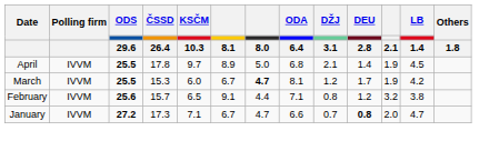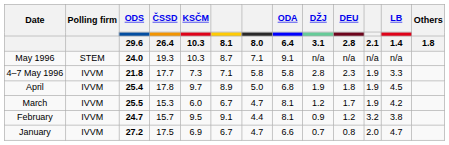 <table class="wikitable" style="text-align:center; font-size:85%; line-height:16px;">
 <tr style="height:42px;">
 <th rowspan=2>Date</th>
 <th rowspan=2>Polling firm</th>
 <th><a href='#'><span>ODS</span></a></th>
 <th><a href='#'><span>ČSSD</span></a></th>
 <th><a href='#'><span>KSČM</span></a></th>
 <th></th>
 <th></th>
 <th><a href='#'><span>ODA</span></a></th>
 <th><a href='#'><span>DŽJ</span></a></th>
 <th><a href='#'><span>DEU</span></a></th>
 <th></th>
 <th><a href='#'><span>LB</span></a></th>
 <th style="width:40px;" rowspan="2">Others</th>
 </tr>
 <tr>
 <th style="color:inherit;background:#034EA2; width:40px;"></th>
 <th style="color:inherit;background:#F29400; width:40px;"></th>
 <th style="color:inherit;background:#E00219; width:40px;"></th>
 <th style="color:inherit;background:#FFCB03; width:40px;"></th>
 <th style="color:inherit;background:#292829; width:40px;"></th>
 <th style="color:inherit;background:#0000FF; width:40px;"></th>
 <th style="color:inherit;background:#66CC99; width:40px;"></th>
 <th style="color:inherit;background:#6D051C; width:40px;"></th>
 <th style="color:inherit;background:"></th>
 <th style="color:inherit;background:#E00219; width:40px;"></th>
 </tr>
 <tr>
 <th></th>
 <th></th>
 <th><strong>29.6</strong></th>
 <th>26.4</th>
 <th>10.3</th>
 <th>8.1</th>
 <th>8.0</th>
 <th>6.4</th>
 <th>3.1</th>
 <th>2.8</th>
 <th>2.1</th>
 <th>1.4</th>
 <th>1.8</th>
 </tr>
 <tr>
+<td>May 1996</td>
+<td>STEM</td>
+<td><strong>24.0</strong></td>
+<td>19.3</td>
+<td>10.3</td>
+<td>8.7</td>
+<td>7.1</td>
+<td>9.1</td>
+<td>n/a</td>
+<td>n/a</td>
+<td>n/a</td>
+<td>n/a</td>
+<td></td>
+</tr>
+<tr>
+<td>4–7 May 1996</td>
+<td>IVVM</td>
+<td><strong>21.8</strong></td>
+<td>17.7</td>
+<td>7.3</td>
+<td>7.1</td>
+<td>5.8</td>
+<td>5.8</td>
+<td>2.8</td>
+<td>2.3</td>
+<td>1.9</td>
+<td>3.3</td>
+<td></td>
+</tr>
+<tr>
 <td>April</td>
 <td>IVVM</td>
-<td><strong>25.5</strong></td>
+<td><strong>25.4</strong></td>
 <td>17.8</td>
 <td>9.7</td>
 <td>8.9</td>
 <td>5.0</td>
 <td>6.8</td>
-<td>2.1</td>
-<td>1.4</td>
+<td>1.9</td>
+<td>1.8</td>
 <td>1.9</td>
 <td>4.5</td>
 <td></td>
 </tr>
 <tr>
 <td>March</td>
 <td>IVVM</td>
 <td><strong>25.5</strong></td>
 <td>15.3</td>
 <td>6.0</td>
 <td>6.7</td>
-<td><strong>4.7</strong></td>
+<td>4.7</td>
 <td>8.1</td>
 <td>1.2</td>
 <td>1.7</td>
 <td>1.9</td>
 <td>4.2</td>
 <td></td>
 </tr>
 <tr>
 <td>February</td>
 <td>IVVM</td>
-<td><strong>25.6</strong></td>
+<td><strong>24.7</strong></td>
 <td>15.7</td>
-<td>6.5</td>
+<td>9.5</td>
 <td>9.1</td>
 <td>4.4</td>
-<td>7.1</td>
-<td>0.8</td>
+<td>8.1</td>
+<td>0.9</td>
 <td>1.2</td>
 <td>3.2</td>
 <td>3.8</td>
 <td></td>
 </tr>
 <tr>
 <td>January</td>
 <td>IVVM</td>
 <td><strong>27.2</strong></td>
-<td>17.3</td>
-<td>7.1</td>
+<td>17.5</td>
+<td>6.9</td>
 <td>6.7</td>
 <td>4.7</td>
 <td>6.6</td>
 <td>0.7</td>
-<td><strong>0.8</strong></td>
+<td>0.8</td>
 <td>2.0</td>
 <td>4.7</td>
 <td></td>
 </tr>
 </table>
